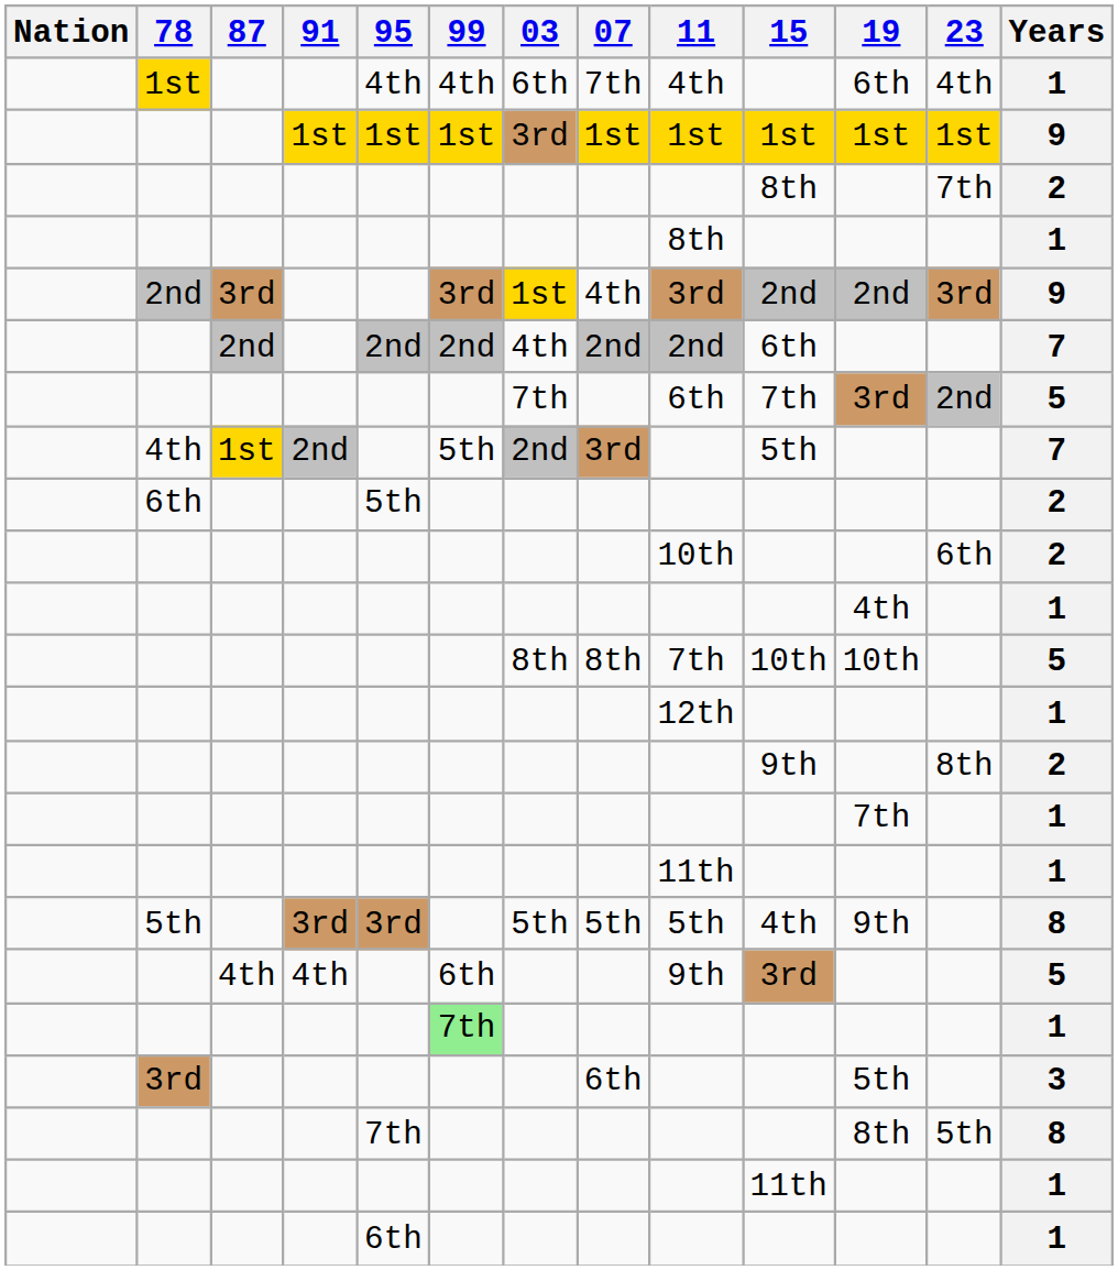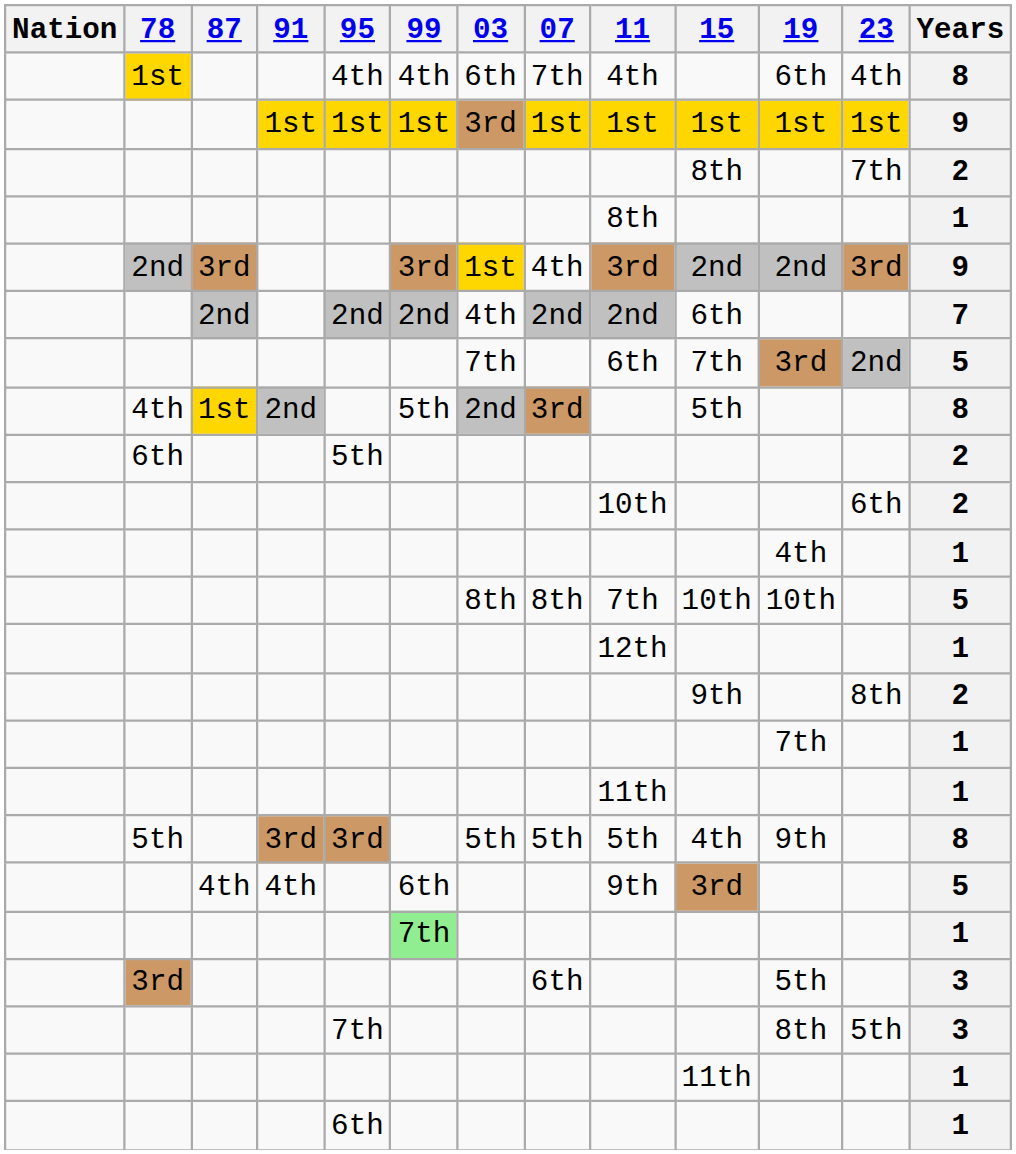 <table class="wikitable" style="text-align:center">
 <tr>
 <th>Nation</th>
 <th><a href='#'>78</a><br></th>
 <th><a href='#'>87</a><br></th>
 <th><a href='#'>91</a><br></th>
 <th><a href='#'>95</a><br></th>
 <th><a href='#'>99</a><br></th>
 <th><a href='#'>03</a><br></th>
 <th><a href='#'>07</a><br></th>
 <th><a href='#'>11</a><br></th>
 <th><a href='#'>15</a><br></th>
 <th><a href='#'>19</a><br></th>
 <th><a href='#'>23</a><br></th>
 <th>Years</th>
 </tr>
 <tr>
 <td align=left></td>
 <td bgcolor=gold>1st</td>
 <td></td>
 <td></td>
 <td>4th</td>
 <td>4th</td>
 <td>6th</td>
 <td>7th</td>
 <td>4th</td>
 <td></td>
 <td>6th</td>
 <td>4th</td>
-<th>1</th>
+<th>8</th>
 </tr>
 <tr>
 <td align=left></td>
 <td></td>
 <td></td>
 <td bgcolor=gold>1st</td>
 <td bgcolor=gold>1st</td>
 <td bgcolor=gold>1st</td>
 <td bgcolor=#cc9966>3rd</td>
 <td bgcolor=gold>1st</td>
 <td bgcolor=gold>1st</td>
 <td bgcolor=gold>1st</td>
 <td bgcolor=gold>1st</td>
 <td bgcolor=gold>1st</td>
 <th>9</th>
 </tr>
 <tr>
 <td align=left></td>
 <td></td>
 <td></td>
 <td></td>
 <td></td>
 <td></td>
 <td></td>
 <td></td>
 <td></td>
 <td>8th</td>
 <td></td>
 <td>7th</td>
 <th>2</th>
 </tr>
 <tr>
 <td align=left></td>
 <td></td>
 <td></td>
 <td></td>
 <td></td>
 <td></td>
 <td></td>
 <td></td>
 <td>8th</td>
 <td></td>
 <td></td>
 <td></td>
 <th>1</th>
 </tr>
 <tr>
 <td align=left></td>
 <td bgcolor=silver>2nd</td>
 <td bgcolor=#cc9966>3rd</td>
 <td></td>
 <td></td>
 <td bgcolor=#cc9966>3rd</td>
 <td bgcolor=gold>1st</td>
 <td>4th</td>
 <td bgcolor=#cc9966>3rd</td>
 <td bgcolor=silver>2nd</td>
 <td bgcolor=silver>2nd</td>
 <td bgcolor=#cc9966>3rd</td>
 <th>9</th>
 </tr>
 <tr>
 <td align=left></td>
 <td></td>
 <td bgcolor=silver>2nd</td>
 <td></td>
 <td bgcolor=silver>2nd</td>
 <td bgcolor=silver>2nd</td>
 <td>4th</td>
 <td bgcolor=silver>2nd</td>
 <td bgcolor=silver>2nd</td>
 <td>6th</td>
 <td></td>
 <td></td>
 <th>7</th>
 </tr>
 <tr>
 <td align=left></td>
 <td></td>
 <td></td>
 <td></td>
 <td></td>
 <td></td>
 <td>7th</td>
 <td></td>
 <td>6th</td>
 <td>7th</td>
 <td bgcolor=#cc9966>3rd</td>
 <td bgcolor=silver>2nd</td>
 <th>5</th>
 </tr>
 <tr>
 <td align=left></td>
 <td>4th</td>
 <td bgcolor=gold>1st</td>
 <td bgcolor=silver>2nd</td>
 <td></td>
 <td>5th</td>
 <td bgcolor=silver>2nd</td>
 <td bgcolor=#cc9966>3rd</td>
 <td></td>
 <td>5th</td>
 <td></td>
 <td></td>
-<th>7</th>
+<th>8</th>
 </tr>
 <tr>
 <td align=left></td>
 <td>6th</td>
 <td></td>
 <td></td>
 <td>5th</td>
 <td></td>
 <td></td>
 <td></td>
 <td></td>
 <td></td>
 <td></td>
 <td></td>
 <th>2</th>
 </tr>
 <tr>
 <td align=left></td>
 <td></td>
 <td></td>
 <td></td>
 <td></td>
 <td></td>
 <td></td>
 <td></td>
 <td>10th</td>
 <td></td>
 <td></td>
 <td>6th</td>
 <th>2</th>
 </tr>
 <tr>
 <td align=left></td>
 <td></td>
 <td></td>
 <td></td>
 <td></td>
 <td></td>
 <td></td>
 <td></td>
 <td></td>
 <td></td>
 <td>4th</td>
 <td></td>
 <th>1</th>
 </tr>
 <tr>
 <td align=left></td>
 <td></td>
 <td></td>
 <td></td>
 <td></td>
 <td></td>
 <td>8th</td>
 <td>8th</td>
 <td>7th</td>
 <td>10th</td>
 <td>10th</td>
 <td></td>
 <th>5</th>
 </tr>
 <tr>
 <td align=left></td>
 <td></td>
 <td></td>
 <td></td>
 <td></td>
 <td></td>
 <td></td>
 <td></td>
 <td>12th</td>
 <td></td>
 <td></td>
 <td></td>
 <th>1</th>
 </tr>
 <tr>
 <td align=left></td>
 <td></td>
 <td></td>
 <td></td>
 <td></td>
 <td></td>
 <td></td>
 <td></td>
 <td></td>
 <td>9th</td>
 <td></td>
 <td>8th</td>
 <th>2</th>
 </tr>
 <tr>
 <td align=left></td>
 <td></td>
 <td></td>
 <td></td>
 <td></td>
 <td></td>
 <td></td>
 <td></td>
 <td></td>
 <td></td>
 <td>7th</td>
 <td></td>
 <th>1</th>
 </tr>
 <tr>
 <td align=left></td>
 <td></td>
 <td></td>
 <td></td>
 <td></td>
 <td></td>
 <td></td>
 <td></td>
 <td>11th</td>
 <td></td>
 <td></td>
 <td></td>
 <th>1</th>
 </tr>
 <tr>
 <td align=left></td>
 <td>5th</td>
 <td></td>
 <td bgcolor=#cc9966>3rd</td>
 <td bgcolor=#cc9966>3rd</td>
 <td></td>
 <td>5th</td>
 <td>5th</td>
 <td>5th</td>
 <td>4th</td>
 <td>9th</td>
 <td></td>
 <th>8</th>
 </tr>
 <tr>
 <td align=left></td>
 <td></td>
 <td>4th</td>
 <td>4th</td>
 <td></td>
 <td>6th</td>
 <td></td>
 <td></td>
 <td>9th</td>
 <td bgcolor=#cc9966>3rd</td>
 <td></td>
 <td></td>
 <th>5</th>
 </tr>
 <tr>
 <td align=left></td>
 <td></td>
 <td></td>
 <td></td>
 <td></td>
 <td style="background: lightgreen;">7th</td>
 <td></td>
 <td></td>
 <td></td>
 <td></td>
 <td></td>
 <td></td>
 <th>1</th>
 </tr>
 <tr>
 <td align=left></td>
 <td bgcolor=#cc9966>3rd</td>
 <td></td>
 <td></td>
 <td></td>
 <td></td>
 <td></td>
 <td>6th</td>
 <td></td>
 <td></td>
 <td>5th</td>
 <td></td>
 <th>3</th>
 </tr>
 <tr>
 <td align=left></td>
 <td></td>
 <td></td>
 <td></td>
 <td>7th</td>
 <td></td>
 <td></td>
 <td></td>
 <td></td>
 <td></td>
 <td>8th</td>
 <td>5th</td>
-<th>8</th>
+<th>3</th>
 </tr>
 <tr>
 <td align=left></td>
 <td></td>
 <td></td>
 <td></td>
 <td></td>
 <td></td>
 <td></td>
 <td></td>
 <td></td>
 <td>11th</td>
 <td></td>
 <td></td>
 <th>1</th>
 </tr>
 <tr>
 <td align=left></td>
 <td></td>
 <td></td>
 <td></td>
 <td>6th</td>
 <td></td>
 <td></td>
 <td></td>
 <td></td>
 <td></td>
 <td></td>
 <td></td>
 <th>1</th>
 </tr>
 </table>
